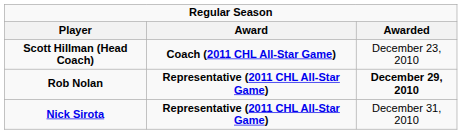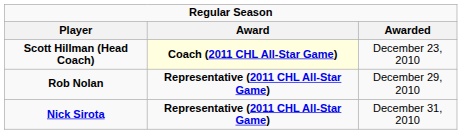 <table class="wikitable" width="52%" style="text-align:center">
 <tr>
 <td colspan="10" align="center"><strong>Regular Season</strong></td>
 </tr>
 <tr>
 <th>Player</th>
 <th>Award</th>
 <th>Awarded</th>
 </tr>
 <tr>
 <td><strong>Scott Hillman (Head Coach)</strong></td>
-<td><strong>Coach (<a href='#'>2011 CHL All-Star Game</a>)</strong></td>
+<td style="background: lightyellow;"><strong>Coach (<a href='#'>2011 CHL All-Star Game</a>)</strong></td>
 <td>December 23, 2010</td>
 </tr>
 <tr>
 <td><strong>Rob Nolan</strong></td>
 <td><strong>Representative (<a href='#'>2011 CHL All-Star Game</a>)</strong></td>
-<td><strong>December 29, 2010</strong></td>
+<td>December 29, 2010</td>
 </tr>
 <tr>
 <td><strong><a href='#'>Nick Sirota</a></strong></td>
 <td><strong>Representative (<a href='#'>2011 CHL All-Star Game</a>)</strong></td>
 <td>December 31, 2010</td>
 </tr>
 </table>
